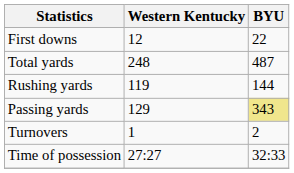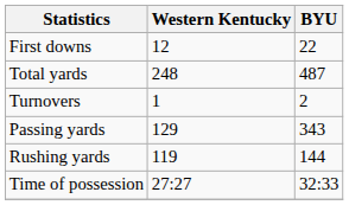 <table class="wikitable">
 <tr>
 <th>Statistics</th>
 <th>Western Kentucky</th>
 <th>BYU</th>
 </tr>
 <tr>
 <td>First downs</td>
 <td>12</td>
 <td>22</td>
 </tr>
 <tr>
 <td>Total yards</td>
 <td>248</td>
 <td>487</td>
 </tr>
 <tr>
-<td>Rushing yards</td>
-<td>119</td>
-<td>144</td>
+<td>Turnovers</td>
+<td>1</td>
+<td>2</td>
 </tr>
 <tr>
 <td>Passing yards</td>
 <td>129</td>
-<td style="background: khaki;">343</td>
+<td>343</td>
 </tr>
 <tr>
-<td>Turnovers</td>
-<td>1</td>
-<td>2</td>
+<td>Rushing yards</td>
+<td>119</td>
+<td>144</td>
 </tr>
 <tr>
 <td>Time of possession</td>
 <td>27:27</td>
 <td>32:33</td>
 </tr>
 <tr>
 </tr>
 </table>
